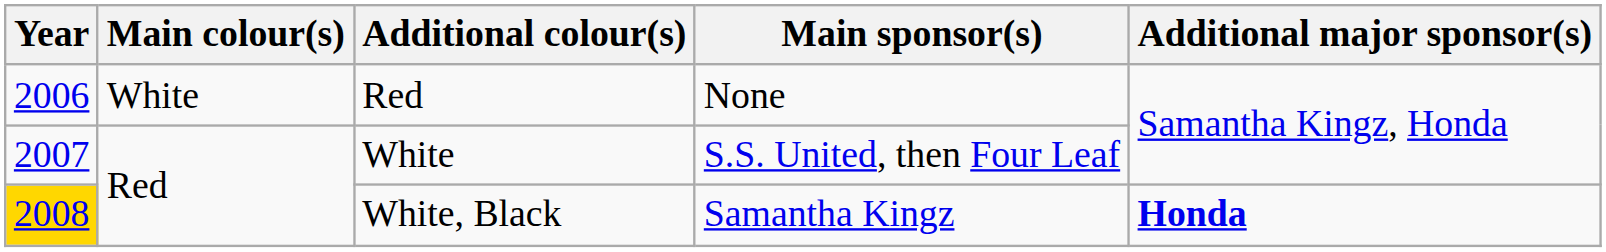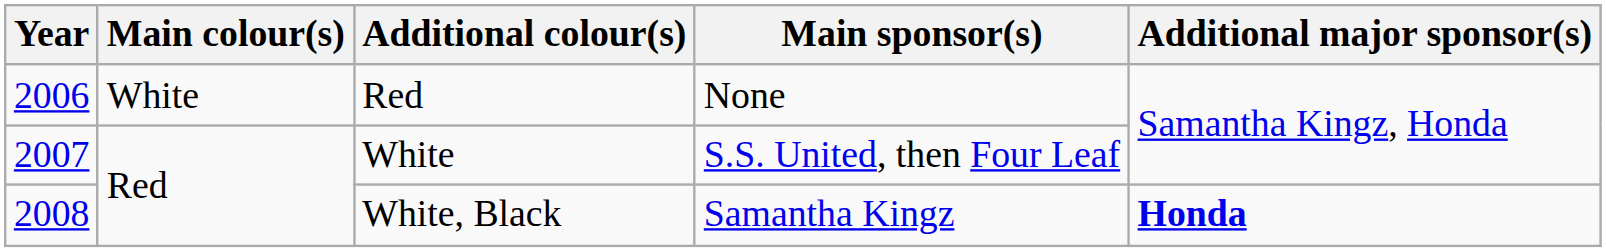 <table class="wikitable">
 <tr>
 <th>Year</th>
 <th>Main colour(s)</th>
 <th>Additional colour(s)</th>
 <th>Main sponsor(s)</th>
 <th>Additional major sponsor(s)</th>
 </tr>
 <tr>
 <td><a href='#'>2006</a></td>
 <td>White</td>
 <td>Red</td>
 <td>None</td>
 <td rowspan=2><a href='#'>Samantha Kingz</a>, <a href='#'>Honda</a></td>
 </tr>
 <tr>
 <td><a href='#'>2007</a></td>
 <td rowspan=2>Red</td>
 <td>White</td>
 <td><a href='#'>S.S. United</a>, then <a href='#'>Four Leaf</a></td>
 </tr>
 <tr>
-<td style="background: gold;"><a href='#'>2008</a></td>
+<td><a href='#'>2008</a></td>
 <td>White, Black</td>
 <td><a href='#'>Samantha Kingz</a></td>
 <td><strong><a href='#'>Honda</a></strong></td>
 </tr>
 </table>
